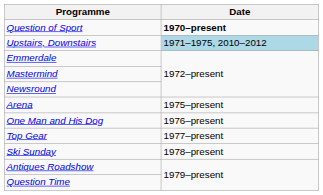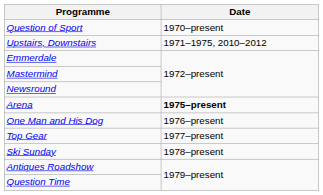 <table class="wikitable">
 <tr>
 <th width=250>Programme</th>
 <th width=250>Date</th>
 </tr>
 <tr>
 <td><em><a href='#'>Question of Sport</a></em></td>
-<td><strong>1970–present</strong></td>
+<td>1970–present</td>
 </tr>
 <tr>
 <td><em><a href='#'>Upstairs, Downstairs</a></em></td>
-<td style="background: lightblue;">1971–1975, 2010–2012</td>
+<td>1971–1975, 2010–2012</td>
 </tr>
 <tr>
 <td><em><a href='#'>Emmerdale</a></em></td>
 <td rowspan="3">1972–present</td>
 </tr>
 <tr>
 <td><em><a href='#'>Mastermind</a></em></td>
 </tr>
 <tr>
 <td><em><a href='#'>Newsround</a></em></td>
 </tr>
 <tr>
 <td><em><a href='#'>Arena</a></em></td>
-<td>1975–present</td>
+<td><strong>1975–present</strong></td>
 </tr>
 <tr>
 <td><em><a href='#'>One Man and His Dog</a></em></td>
 <td>1976–present</td>
 </tr>
 <tr>
 <td><em><a href='#'>Top Gear</a></em></td>
 <td>1977–present</td>
 </tr>
 <tr>
 <td><em><a href='#'>Ski Sunday</a></em></td>
 <td>1978–present</td>
 </tr>
 <tr>
 <td><em><a href='#'>Antiques Roadshow</a></em></td>
 <td rowspan="2">1979–present</td>
 </tr>
 <tr>
 <td><em><a href='#'>Question Time</a></em></td>
 </tr>
 </table>
